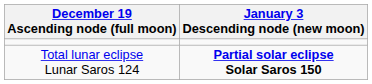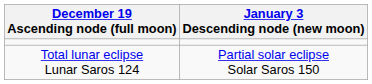 <table class="wikitable">
 <tr>
 <th><a href='#'>December 19</a><br>Ascending node (full moon)</th>
 <th><a href='#'>January 3</a><br>Descending node (new moon)</th>
 </tr>
 <tr>
 <td></td>
 <td></td>
 </tr>
 <tr align=center>
 <td><a href='#'>Total lunar eclipse</a><br>Lunar Saros 124</td>
-<td><strong><a href='#'>Partial solar eclipse</a><br>Solar Saros 150</strong></td>
+<td><a href='#'>Partial solar eclipse</a><br>Solar Saros 150</td>
 </tr>
 </table>
